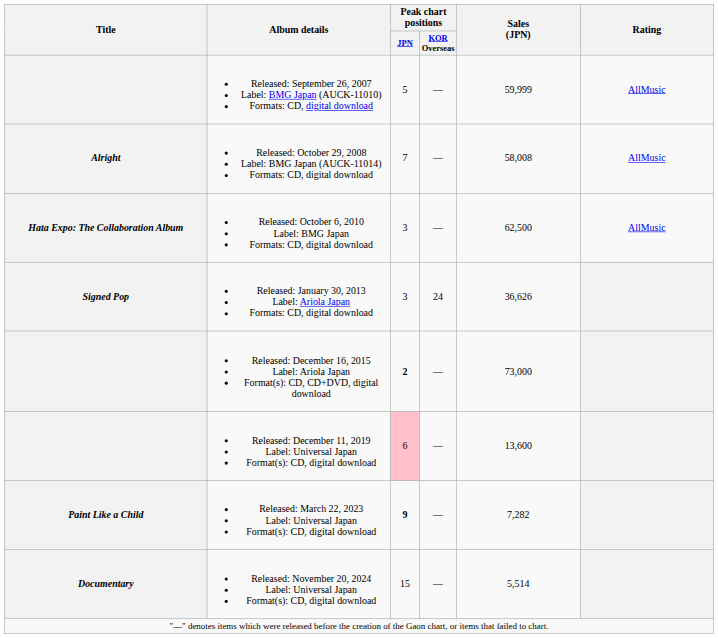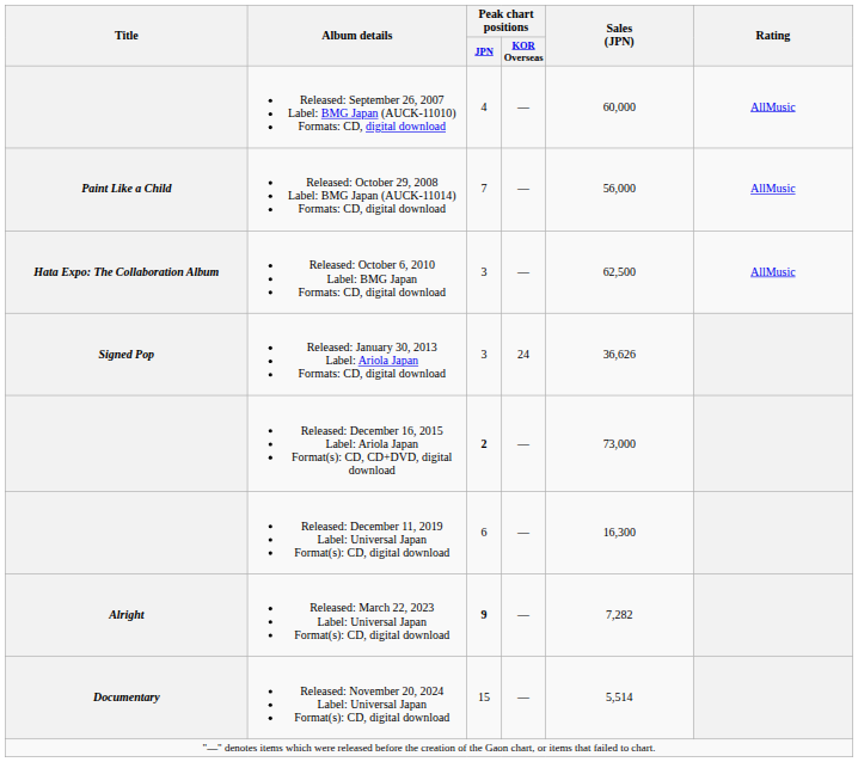 <table class="wikitable plainrowheaders" style="text-align:center;" border="1">
 <tr>
 <th scope="col" rowspan="2" style="width:20em;">Title</th>
 <th scope="col" rowspan="2" style="width:18em;">Album details</th>
 <th scope="col" colspan="2">Peak chart positions</th>
 <th scope="col" rowspan="2" style="width:12em;">Sales<br>(JPN)<br></th>
 <th scope="col" rowspan="2" style="width:13em;">Rating</th>
 </tr>
 <tr>
 <th scope="col" style="width:3em;font-size:85%"><a href='#'>JPN</a><br></th>
 <th scope="col" style="width:3em;font-size:85%"><a href='#'>KOR</a><br>Overseas<br></th>
 </tr>
 <tr>
 <th scope="row"></th>
 <td><br><ul><li>Released: September 26, 2007</li><li>Label: <a href='#'>BMG Japan</a> (AUCK-11010)</li><li>Formats: CD, <a href='#'>digital download</a></li></ul></td>
-<td>5</td>
+<td>4</td>
 <td>—</td>
-<td>59,999</td>
+<td>60,000</td>
 <td><a href='#'>AllMusic</a> </td>
 </tr>
 <tr>
-<th scope="row"><em>Alright</em></th>
+<th scope="row"><em>Paint Like a Child</em></th>
 <td><br><ul><li>Released: October 29, 2008</li><li>Label: BMG Japan (AUCK-11014)</li><li>Formats: CD, digital download</li></ul></td>
 <td>7</td>
 <td>—</td>
-<td>58,008</td>
+<td>56,000</td>
 <td><a href='#'>AllMusic</a> </td>
 </tr>
 <tr>
 <th scope="row"><em>Hata Expo: The Collaboration Album</em></th>
 <td><br><ul><li>Released: October 6, 2010</li><li>Label: BMG Japan</li><li>Formats: CD, digital download</li></ul></td>
 <td>3</td>
 <td>—</td>
 <td>62,500</td>
 <td><a href='#'>AllMusic</a> </td>
 </tr>
 <tr>
 <th scope="row"><em>Signed Pop</em></th>
 <td><br><ul><li>Released: January 30, 2013</li><li>Label: <a href='#'>Ariola Japan</a></li><li>Formats: CD, digital download</li></ul></td>
 <td>3</td>
 <td>24</td>
 <td>36,626</td>
 <th></th>
 </tr>
 <tr>
 <th scope="row"></th>
 <td><br><ul><li>Released: December 16, 2015</li><li>Label: Ariola Japan</li><li>Format(s): CD, CD+DVD, digital download</li></ul></td>
 <td><strong>2</strong></td>
 <td>—</td>
 <td>73,000</td>
 <th></th>
 </tr>
 <tr>
 <th scope="row"></th>
 <td><br><ul><li>Released: December 11, 2019</li><li>Label: Universal Japan</li><li>Format(s): CD, digital download</li></ul></td>
-<td style="background: pink;">6</td>
+<td>6</td>
 <td>—</td>
-<td>13,600</td>
+<td>16,300</td>
 <th></th>
 </tr>
 <tr>
-<th scope="row"><em>Paint Like a Child</em></th>
+<th scope="row"><em>Alright</em></th>
 <td><br><ul><li>Released: March 22, 2023</li><li>Label: Universal Japan</li><li>Format(s): CD, digital download</li></ul></td>
 <td><strong>9</strong></td>
 <td>—</td>
 <td>7,282</td>
 <th></th>
 </tr>
 <tr>
 <th scope="row"><em>Documentary</em></th>
 <td><br><ul><li>Released: November 20, 2024</li><li>Label: Universal Japan</li><li>Format(s): CD, digital download</li></ul></td>
 <td>15</td>
 <td>—</td>
 <td>5,514</td>
 <th></th>
 </tr>
 <tr>
 <td colspan="6" align="center" style="font-size:90%;">"—" denotes items which were released before the creation of the Gaon chart, or items that failed to chart.</td>
 </tr>
 </table>
